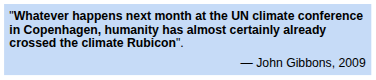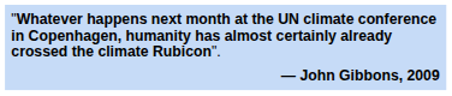 <table class="toccolours" style="float: right; margin-left: 1em; margin-right: 2em; font-size: 85%; background:#c6dbf7; color:black; width:30em; max-width: 40%;" cellspacing="5">
 <tr>
 <td style="text-align: left;">"<strong>Whatever happens next month at the UN climate conference in Copenhagen, humanity has almost certainly already crossed the climate Rubicon</strong>".</td>
 </tr>
 <tr>
-<td style="text-align: right;">— John Gibbons, 2009</td>
+<td style="text-align: right;"><strong>— John Gibbons, 2009</strong></td>
 </tr>
 </table>
